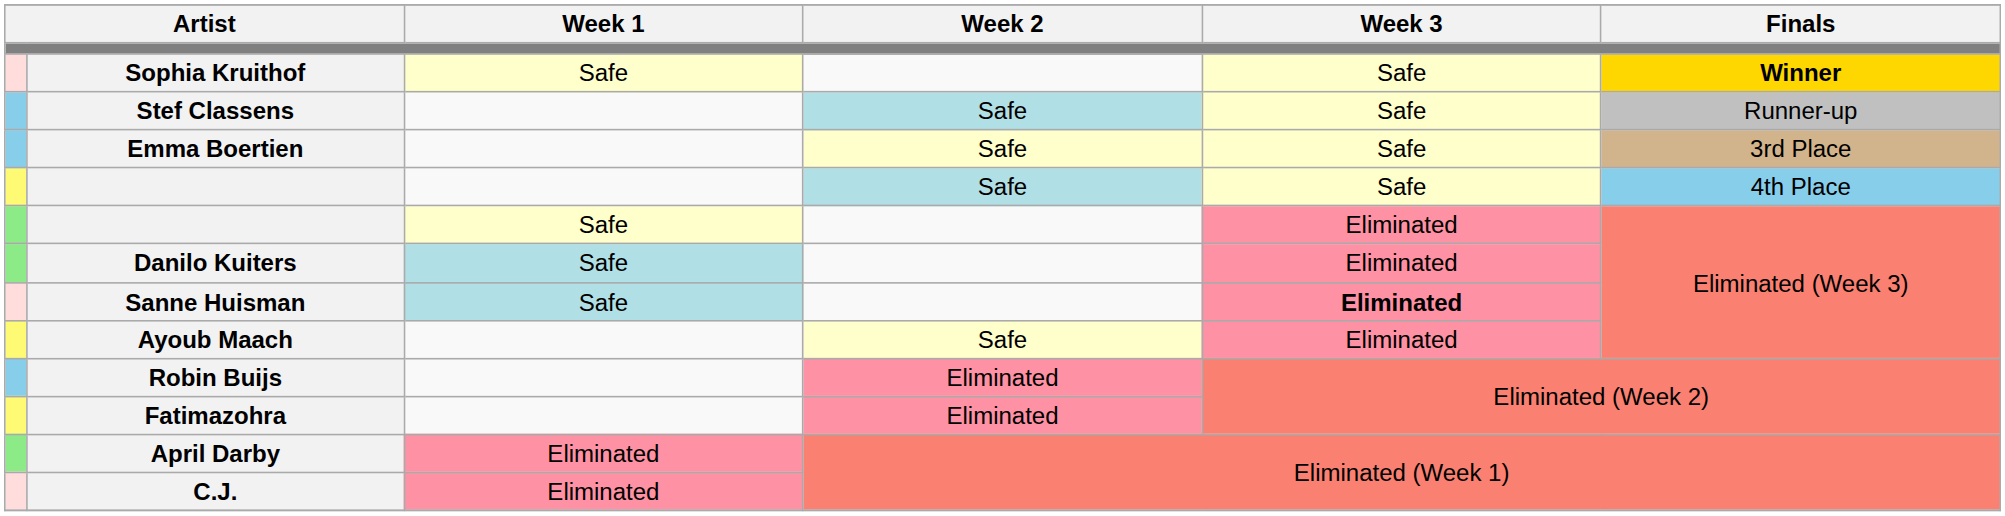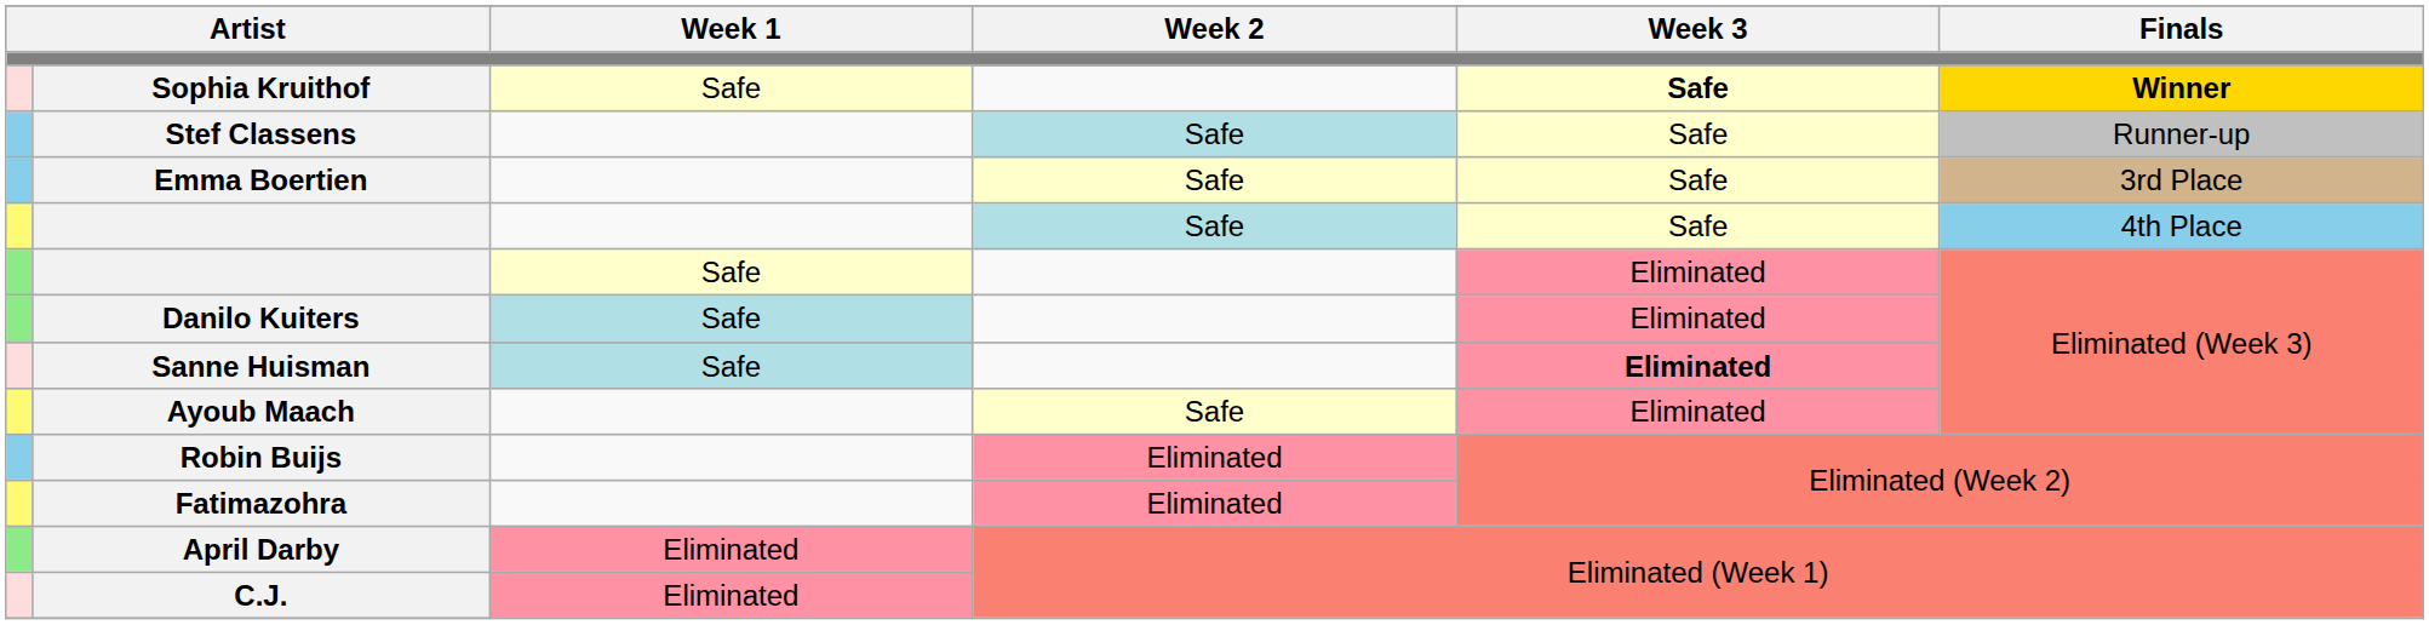 <table class="wikitable"  style="text-align:center; font-size:95%; width:100%;">
 <tr>
 </tr>
 <tr>
 <th style="width:20%"  rowspan="1" colspan="2" scope="col">Artist</th>
 <th style="width:20%"  rowspan="1" colspan="1" scope="col">Week 1</th>
 <th style="width:20%"  rowspan="1" colspan="1" scope="col">Week 2</th>
 <th style="width:20%"  rowspan="1" colspan="1" scope="col">Week 3</th>
 <th style="width:20%"  rowspan="1" colspan="1" scope="col">Finals</th>
 </tr>
 <tr>
 <th colspan="6" style="background:grey;"></th>
 </tr>
 <tr>
 <th style="background:#ffdddd;"></th>
 <th>Sophia Kruithof</th>
 <td style="background:#FFFFCC;">Safe</td>
 <td></td>
-<td style="background:#FFFFCC;">Safe</td>
+<td style="background:#FFFFCC;"><strong>Safe</strong></td>
 <td style="background:gold;"><strong>Winner</strong></td>
 </tr>
 <tr>
 <th style="background:#87ceeb;"></th>
 <th>Stef Classens</th>
 <td></td>
 <td style="background:#B0E0E6;">Safe</td>
 <td style="background:#FFFFCC;">Safe</td>
 <td style="background:silver;">Runner-up</td>
 </tr>
 <tr>
 <th style="background:#87ceeb;"></th>
 <th>Emma Boertien</th>
 <td></td>
 <td style="background:#FFFFCC;">Safe</td>
 <td style="background:#FFFFCC;">Safe</td>
 <td colspan="5" style="background:tan;">3rd Place</td>
 </tr>
 <tr>
 <th style="background:#fffa73;"></th>
 <th></th>
 <td></td>
 <td style="background:#B0E0E6;">Safe</td>
 <td style="background:#FFFFCC;">Safe</td>
 <td style="background:skyblue;">4th Place</td>
 </tr>
 <tr>
 <th style="background:#8deb87;"></th>
 <th></th>
 <td style="background:#FFFFCC;">Safe</td>
 <td></td>
 <td style="background:#FF91A4;">Eliminated</td>
 <td rowspan="4" colspan="2" style="background:salmon;">Eliminated (Week 3)</td>
 </tr>
 <tr>
 <th style="background:#8deb87;"></th>
 <th>Danilo Kuiters</th>
 <td style="background:#B0E0E6;">Safe</td>
 <td></td>
 <td style="background:#FF91A4;">Eliminated</td>
 </tr>
 <tr>
 <th style="background:#ffdddd;"></th>
 <th>Sanne Huisman</th>
 <td style="background:#B0E0E6;">Safe</td>
 <td></td>
 <td style="background:#FF91A4;"><strong>Eliminated</strong></td>
 </tr>
 <tr>
 <td style="background:#fffa73;"></td>
 <th>Ayoub Maach</th>
 <td></td>
 <td style="background:#FFFFCC;">Safe</td>
 <td style="background:#FF91A4;">Eliminated</td>
 </tr>
 <tr>
 <td style="background:#87ceeb;"></td>
 <th>Robin Buijs</th>
 <td></td>
 <td style="background:#FF91A4;">Eliminated</td>
 <td rowspan="2" colspan="3" style="background:salmon;">Eliminated (Week 2)</td>
 </tr>
 <tr>
 <th style="background:#fffa73;"></th>
 <th>Fatimazohra</th>
 <td></td>
 <td style="background:#FF91A4;">Eliminated</td>
 </tr>
 <tr>
 <th style="background:#8deb87;"></th>
 <th>April Darby</th>
 <td style="background:#FF91A4;">Eliminated</td>
 <td rowspan="2" colspan="3" style="background:salmon;">Eliminated (Week 1)</td>
 </tr>
 <tr>
 <th style="background:#ffdddd;"></th>
 <th>C.J.</th>
 <td style="background:#FF91A4;">Eliminated</td>
 </tr>
 <tr>
 </tr>
 </table>
